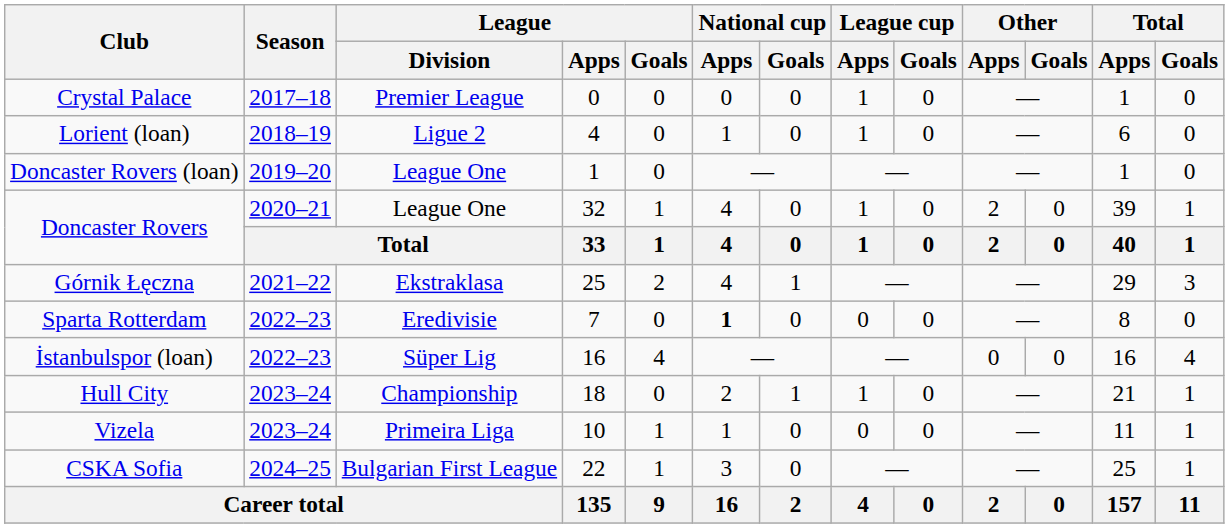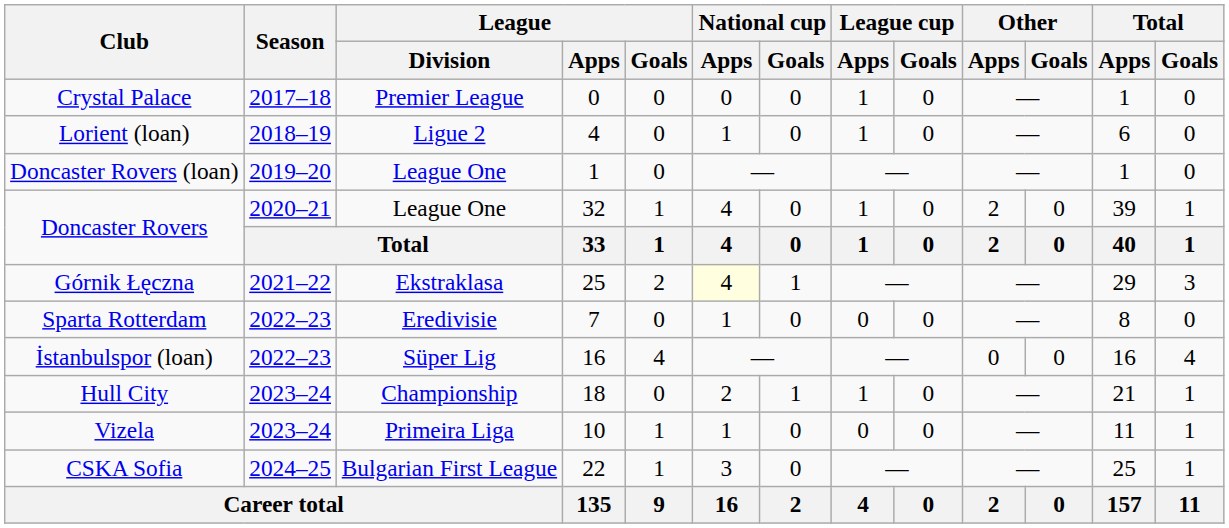 <table class="wikitable" style="text-align: center">
 <tr>
 <th rowspan="2">Club</th>
 <th rowspan="2">Season</th>
 <th colspan="3">League</th>
 <th colspan="2">National cup</th>
 <th colspan="2">League cup</th>
 <th colspan="2">Other</th>
 <th colspan="2">Total</th>
 </tr>
 <tr>
 <th>Division</th>
 <th>Apps</th>
 <th>Goals</th>
 <th>Apps</th>
 <th>Goals</th>
 <th>Apps</th>
 <th>Goals</th>
 <th>Apps</th>
 <th>Goals</th>
 <th>Apps</th>
 <th>Goals</th>
 </tr>
 <tr>
 <td><a href='#'>Crystal Palace</a></td>
 <td><a href='#'>2017–18</a></td>
 <td><a href='#'>Premier League</a></td>
 <td>0</td>
 <td>0</td>
 <td>0</td>
 <td>0</td>
 <td>1</td>
 <td>0</td>
 <td colspan="2">—</td>
 <td>1</td>
 <td>0</td>
 </tr>
 <tr>
 <td><a href='#'>Lorient</a> (loan)</td>
 <td><a href='#'>2018–19</a></td>
 <td><a href='#'>Ligue 2</a></td>
 <td>4</td>
 <td>0</td>
 <td>1</td>
 <td>0</td>
 <td>1</td>
 <td>0</td>
 <td colspan="2">—</td>
 <td>6</td>
 <td>0</td>
 </tr>
 <tr>
 <td><a href='#'>Doncaster Rovers</a> (loan)</td>
 <td><a href='#'>2019–20</a></td>
 <td><a href='#'>League One</a></td>
 <td>1</td>
 <td>0</td>
 <td colspan=2>—</td>
 <td colspan=2>—</td>
 <td colspan="2">—</td>
 <td>1</td>
 <td>0</td>
 </tr>
 <tr>
 <td rowspan=2><a href='#'>Doncaster Rovers</a></td>
 <td><a href='#'>2020–21</a></td>
 <td>League One</td>
 <td>32</td>
 <td>1</td>
 <td>4</td>
 <td>0</td>
 <td>1</td>
 <td>0</td>
 <td>2</td>
 <td>0</td>
 <td>39</td>
 <td>1</td>
 </tr>
 <tr>
 <th colspan=2>Total</th>
 <th>33</th>
 <th>1</th>
 <th>4</th>
 <th>0</th>
 <th>1</th>
 <th>0</th>
 <th>2</th>
 <th>0</th>
 <th>40</th>
 <th>1</th>
 </tr>
 <tr>
 <td><a href='#'>Górnik Łęczna</a></td>
 <td><a href='#'>2021–22</a></td>
 <td><a href='#'>Ekstraklasa</a></td>
 <td>25</td>
 <td>2</td>
-<td>4</td>
+<td style="background: lightyellow;">4</td>
 <td>1</td>
 <td colspan=2>—</td>
 <td colspan=2>—</td>
 <td>29</td>
 <td>3</td>
 </tr>
 <tr>
 <td><a href='#'>Sparta Rotterdam</a></td>
 <td><a href='#'>2022–23</a></td>
 <td><a href='#'>Eredivisie</a></td>
 <td>7</td>
 <td>0</td>
-<td><strong>1</strong></td>
+<td>1</td>
 <td>0</td>
 <td>0</td>
 <td>0</td>
 <td colspan=2>—</td>
 <td>8</td>
 <td>0</td>
 </tr>
 <tr>
 <td><a href='#'>İstanbulspor</a> (loan)</td>
 <td><a href='#'>2022–23</a></td>
 <td><a href='#'>Süper Lig</a></td>
 <td>16</td>
 <td>4</td>
 <td colspan="2">—</td>
 <td colspan="2">—</td>
 <td>0</td>
 <td>0</td>
 <td>16</td>
 <td>4</td>
 </tr>
 <tr>
 <td><a href='#'>Hull City</a></td>
 <td><a href='#'>2023–24</a></td>
 <td><a href='#'>Championship</a></td>
 <td>18</td>
 <td>0</td>
 <td>2</td>
 <td>1</td>
 <td>1</td>
 <td>0</td>
 <td colspan=2>—</td>
 <td>21</td>
 <td>1</td>
 </tr>
 <tr>
 <td><a href='#'>Vizela</a></td>
 <td><a href='#'>2023–24</a></td>
 <td><a href='#'>Primeira Liga</a></td>
 <td>10</td>
 <td>1</td>
 <td>1</td>
 <td>0</td>
 <td>0</td>
 <td>0</td>
 <td colspan=2>—</td>
 <td>11</td>
 <td>1</td>
 </tr>
 <tr>
 <td><a href='#'>CSKA Sofia</a></td>
 <td><a href='#'>2024–25</a></td>
 <td><a href='#'>Bulgarian First League</a></td>
 <td>22</td>
 <td>1</td>
 <td>3</td>
 <td>0</td>
 <td colspan="2">—</td>
 <td colspan="2">—</td>
 <td>25</td>
 <td>1</td>
 </tr>
 <tr>
 <th colspan=3>Career total</th>
 <th>135</th>
 <th>9</th>
 <th>16</th>
 <th>2</th>
 <th>4</th>
 <th>0</th>
 <th>2</th>
 <th>0</th>
 <th>157</th>
 <th>11</th>
 </tr>
 </table>
